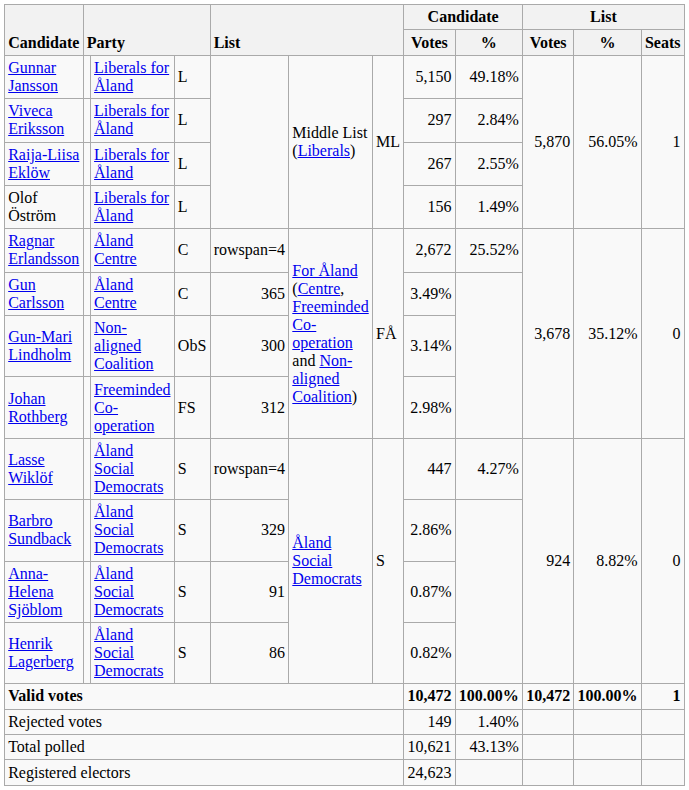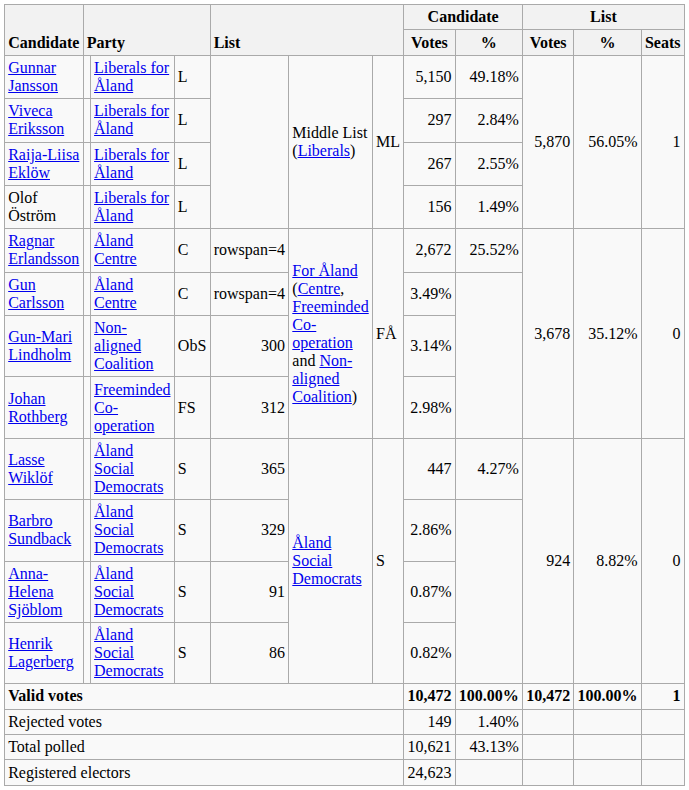 <table class="wikitable" border="1" style="text-align:right;">
 <tr>
 <th ! style="text-align:left;" valign=bottom rowspan=2>Candidate</th>
 <th style="text-align:left;" valign=bottom rowspan=2 colspan=3>Party</th>
 <th style="text-align:left;" valign=bottom rowspan=2 colspan=3>List</th>
 <th colspan=2>Candidate</th>
 <th colspan=3>List</th>
 </tr>
 <tr>
 <th align=center valign=bottom width="50">Votes</th>
 <th align=center valign=bottom width="50">%</th>
 <th align=center valign=bottom width="50">Votes</th>
 <th align=center valign=bottom width="50">%</th>
 <th align=center valign=bottom width="50">Seats</th>
 </tr>
 <tr>
 <td align=left><a href='#'>Gunnar Jansson</a></td>
 <td></td>
 <td align=left><a href='#'>Liberals for Åland</a></td>
 <td align=left>L</td>
 <td rowspan=4></td>
 <td rowspan=4 align=left>Middle List<br>(<a href='#'>Liberals</a>)</td>
 <td rowspan=4 align=left>ML</td>
 <td>5,150</td>
 <td>49.18%</td>
 <td rowspan=4>5,870</td>
 <td rowspan=4>56.05%</td>
 <td rowspan=4>1</td>
 </tr>
 <tr>
 <td align=left><a href='#'>Viveca Eriksson</a></td>
 <td></td>
 <td align=left><a href='#'>Liberals for Åland</a></td>
 <td align=left>L</td>
 <td>297</td>
 <td>2.84%</td>
 </tr>
 <tr>
 <td align=left><a href='#'>Raija-Liisa Eklöw</a></td>
 <td></td>
 <td align=left><a href='#'>Liberals for Åland</a></td>
 <td align=left>L</td>
 <td>267</td>
 <td>2.55%</td>
 </tr>
 <tr>
 <td align=left>Olof Öström</td>
 <td></td>
 <td align=left><a href='#'>Liberals for Åland</a></td>
 <td align=left>L</td>
 <td>156</td>
 <td>1.49%</td>
 </tr>
 <tr>
 <td align=left><a href='#'>Ragnar Erlandsson</a></td>
 <td></td>
 <td align=left><a href='#'>Åland Centre</a></td>
 <td align=left>C</td>
 <td>rowspan=4 </td>
 <td rowspan=4 align=left><a href='#'>For Åland</a><br>(<a href='#'>Centre</a>, <a href='#'>Freeminded Co-operation</a><br>and <a href='#'>Non-aligned Coalition</a>)</td>
 <td rowspan=4 align=left>FÅ</td>
 <td>2,672</td>
 <td>25.52%</td>
 <td rowspan=4>3,678</td>
 <td rowspan=4>35.12%</td>
 <td rowspan=4>0</td>
 </tr>
 <tr>
 <td align=left><a href='#'>Gun Carlsson</a></td>
 <td></td>
 <td align=left><a href='#'>Åland Centre</a></td>
 <td align=left>C</td>
-<td>365</td>
+<td>rowspan=4 </td>
 <td>3.49%</td>
 </tr>
 <tr>
 <td align=left><a href='#'>Gun-Mari Lindholm</a></td>
 <td></td>
 <td align=left><a href='#'>Non-aligned Coalition</a></td>
 <td align=left>ObS</td>
 <td>300</td>
 <td>3.14%</td>
 </tr>
 <tr>
 <td align=left><a href='#'>Johan Rothberg</a></td>
 <td></td>
 <td align=left><a href='#'>Freeminded Co-operation</a></td>
 <td align=left>FS</td>
 <td>312</td>
 <td>2.98%</td>
 </tr>
 <tr>
 <td align=left><a href='#'>Lasse Wiklöf</a></td>
 <td></td>
 <td align=left><a href='#'>Åland Social Democrats</a></td>
 <td align=left>S</td>
-<td>rowspan=4 </td>
+<td>365</td>
 <td rowspan=4 align=left><a href='#'>Åland Social Democrats</a></td>
 <td rowspan=4 align=left>S</td>
 <td>447</td>
 <td>4.27%</td>
 <td rowspan=4>924</td>
 <td rowspan=4>8.82%</td>
 <td rowspan=4>0</td>
 </tr>
 <tr>
 <td align=left><a href='#'>Barbro Sundback</a></td>
 <td></td>
 <td align=left><a href='#'>Åland Social Democrats</a></td>
 <td align=left>S</td>
 <td>329</td>
 <td>2.86%</td>
 </tr>
 <tr>
 <td align=left><a href='#'>Anna-Helena Sjöblom</a></td>
 <td></td>
 <td align=left><a href='#'>Åland Social Democrats</a></td>
 <td align=left>S</td>
 <td>91</td>
 <td>0.87%</td>
 </tr>
 <tr>
 <td align=left><a href='#'>Henrik Lagerberg</a></td>
 <td></td>
 <td align=left><a href='#'>Åland Social Democrats</a></td>
 <td align=left>S</td>
 <td>86</td>
 <td>0.82%</td>
 </tr>
 <tr style="font-weight:bold">
 <td align=left colspan=7>Valid votes</td>
 <td>10,472</td>
 <td>100.00%</td>
 <td>10,472</td>
 <td>100.00%</td>
 <td>1</td>
 </tr>
 <tr>
 <td align=left colspan=7>Rejected votes</td>
 <td>149</td>
 <td>1.40%</td>
 <td></td>
 <td></td>
 <td></td>
 </tr>
 <tr>
 <td align=left colspan=7>Total polled</td>
 <td>10,621</td>
 <td>43.13%</td>
 <td></td>
 <td></td>
 <td></td>
 </tr>
 <tr>
 <td align=left colspan=7>Registered electors</td>
 <td>24,623</td>
 <td></td>
 <td></td>
 <td></td>
 <td></td>
 </tr>
 </table>
